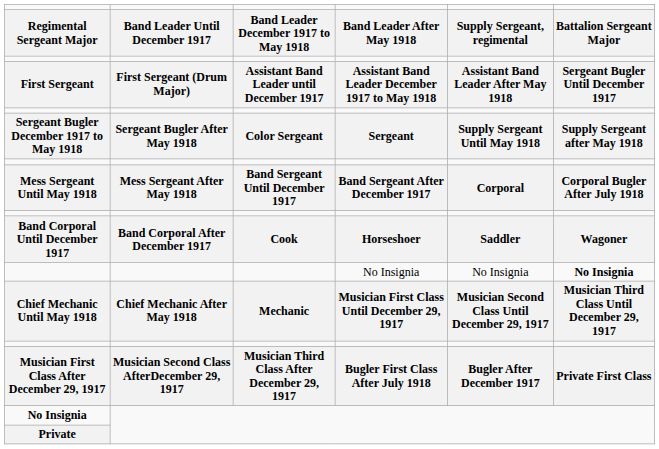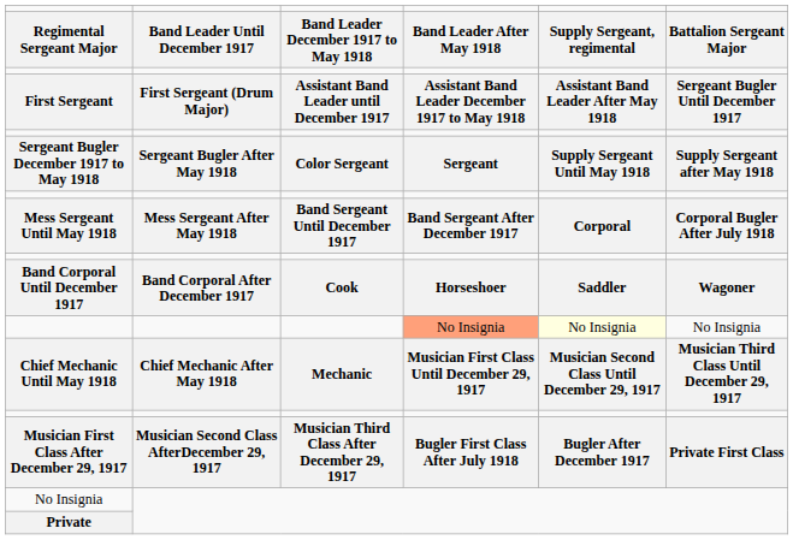 <table class="wikitable" style="text-align:center">
 <tr>
 <td></td>
 <td></td>
 <td></td>
 <td></td>
 <td></td>
 <td></td>
 </tr>
 <tr>
 <th>Regimental Sergeant Major</th>
 <th>Band Leader Until December 1917</th>
 <th>Band Leader December 1917 to May 1918</th>
 <th>Band Leader After May 1918</th>
 <th>Supply Sergeant, regimental</th>
 <th>Battalion Sergeant Major</th>
 </tr>
 <tr>
 <td></td>
 <td></td>
 <td></td>
 <td></td>
 <td></td>
 <td></td>
 </tr>
 <tr>
 <th>First Sergeant</th>
 <th>First Sergeant (Drum Major)</th>
 <th>Assistant Band Leader until December 1917</th>
 <th>Assistant Band Leader December 1917 to May 1918</th>
 <th>Assistant Band Leader After May 1918</th>
 <th>Sergeant Bugler Until December 1917</th>
 </tr>
 <tr>
 <td></td>
 <td></td>
 <td></td>
 <td></td>
 <td></td>
 <td></td>
 </tr>
 <tr>
 <th>Sergeant Bugler December 1917 to May 1918</th>
 <th>Sergeant Bugler After May 1918</th>
 <th>Color Sergeant</th>
 <th>Sergeant</th>
 <th>Supply Sergeant Until May 1918</th>
 <th>Supply Sergeant after May 1918</th>
 </tr>
 <tr>
 <td></td>
 <td></td>
 <td></td>
 <td></td>
 <td></td>
 <td></td>
 </tr>
 <tr>
 <th>Mess Sergeant Until May 1918</th>
 <th>Mess Sergeant After May 1918</th>
 <th>Band Sergeant Until December 1917</th>
 <th>Band Sergeant After December 1917</th>
 <th>Corporal</th>
 <th>Corporal Bugler After July 1918</th>
 </tr>
 <tr>
 <td></td>
 <td></td>
 <td></td>
 <td></td>
 <td></td>
 <td></td>
 </tr>
 <tr>
 <th>Band Corporal Until December 1917</th>
 <th>Band Corporal After December 1917</th>
 <th>Cook</th>
 <th>Horseshoer</th>
 <th>Saddler</th>
 <th>Wagoner</th>
 </tr>
 <tr>
 <td></td>
 <td></td>
 <td></td>
+<td style="background: lightsalmon;">No Insignia</td>
+<td style="background: lightyellow;">No Insignia</td>
 <td>No Insignia</td>
-<td>No Insignia</td>
-<td><strong>No Insignia</strong></td>
 </tr>
 <tr>
 <th>Chief Mechanic Until May 1918</th>
 <th>Chief Mechanic After May 1918</th>
 <th>Mechanic</th>
 <th>Musician First Class Until December 29, 1917</th>
 <th>Musician Second Class Until December 29, 1917</th>
 <th>Musician Third Class Until December 29, 1917</th>
 </tr>
 <tr>
 <td></td>
 <td></td>
 <td></td>
 <td></td>
 <td></td>
 <td></td>
 </tr>
 <tr>
 <th>Musician First Class After December 29, 1917</th>
 <th>Musician Second Class AfterDecember 29, 1917</th>
 <th>Musician Third Class After December 29, 1917</th>
 <th>Bugler First Class After July 1918</th>
 <th>Bugler After December 1917</th>
 <th>Private First Class</th>
 </tr>
 <tr>
-<td><strong>No Insignia</strong></td>
+<td>No Insignia</td>
 </tr>
 <tr>
 <th>Private</th>
 </tr>
 </table>
